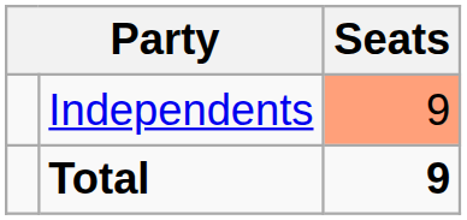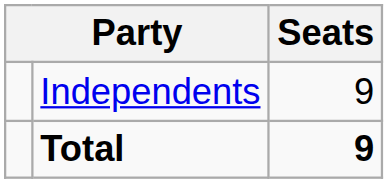 <table class="wikitable">
 <tr>
 <th colspan="2">Party</th>
 <th>Seats</th>
 </tr>
 <tr>
 <td> </td>
 <td><a href='#'>Independents</a></td>
-<td align=right style="background: lightsalmon;">9</td>
+<td align=right>9</td>
 </tr>
 <tr>
 <td></td>
 <td><strong>Total</strong></td>
 <td align=right><strong>9</strong></td>
 </tr>
 </table>
